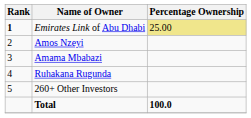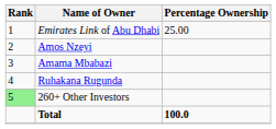 <table class="wikitable sortable" style="margin-left:auto;margin-right:auto">
 <tr>
 <th style="width:2em;">Rank</th>
 <th>Name of Owner</th>
 <th>Percentage Ownership</th>
 </tr>
 <tr>
-<td><strong>1</strong></td>
+<td>1</td>
 <td><em>Emirates Link</em> of <a href='#'>Abu Dhabi</a></td>
-<td style="background: khaki;">25.00</td>
+<td>25.00</td>
 </tr>
 <tr>
 <td>2</td>
 <td><a href='#'>Amos Nzeyi</a></td>
 <td></td>
 </tr>
 <tr>
 <td>3</td>
 <td><a href='#'>Amama Mbabazi</a></td>
 <td></td>
 </tr>
 <tr>
 <td>4</td>
 <td><a href='#'>Ruhakana Rugunda</a></td>
 <td></td>
 </tr>
 <tr>
-<td>5</td>
+<td style="background: lightgreen;">5</td>
 <td>260+ Other Investors</td>
 <td></td>
 </tr>
 <tr>
 <td></td>
 <td><strong>Total</strong></td>
 <td><strong>100.0</strong></td>
 </tr>
 <tr>
 </tr>
 </table>
